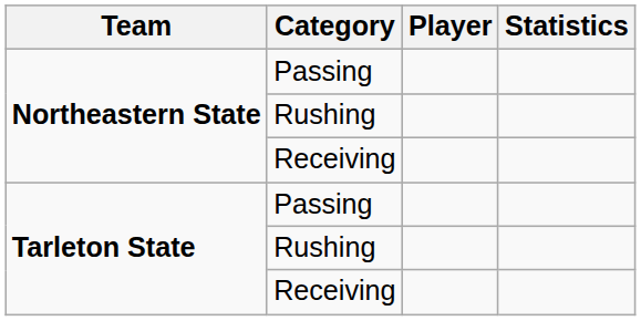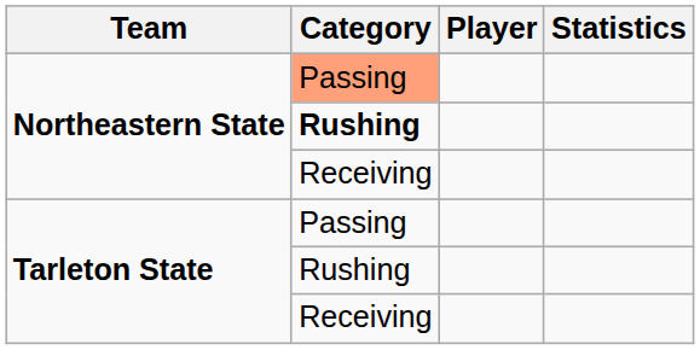 <table class="wikitable" style="float: right;">
 <tr>
 <th>Team</th>
 <th>Category</th>
 <th>Player</th>
 <th>Statistics</th>
 </tr>
 <tr>
 <td rowspan=3><strong>Northeastern State</strong></td>
-<td>Passing</td>
+<td style="background: lightsalmon;">Passing</td>
 <td></td>
 <td></td>
 </tr>
 <tr>
-<td>Rushing</td>
+<td><strong>Rushing</strong></td>
 <td></td>
 <td></td>
 </tr>
 <tr>
 <td>Receiving</td>
 <td></td>
 <td></td>
 </tr>
 <tr>
 <td rowspan=3><strong>Tarleton State</strong></td>
 <td>Passing</td>
 <td></td>
 <td></td>
 </tr>
 <tr>
 <td>Rushing</td>
 <td></td>
 <td></td>
 </tr>
 <tr>
 <td>Receiving</td>
 <td></td>
 <td></td>
 </tr>
 </table>
